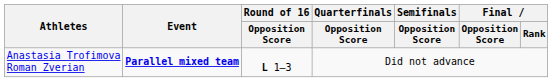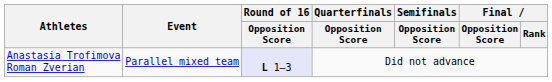 <table class="wikitable" style="font-size:90%; text-align:center;">
 <tr>
 <th rowspan=2>Athletes</th>
 <th rowspan=2>Event</th>
 <th>Round of 16</th>
 <th>Quarterfinals</th>
 <th>Semifinals</th>
 <th colspan=2>Final / </th>
 </tr>
 <tr style="font-size:95%">
 <th>Opposition<br>Score</th>
 <th>Opposition<br>Score</th>
 <th>Opposition<br>Score</th>
 <th>Opposition<br>Score</th>
 <th>Rank</th>
 </tr>
 <tr>
 <td align=left><a href='#'>Anastasia Trofimova</a><br><a href='#'>Roman Zverian</a></td>
-<td align=left><strong><a href='#'>Parallel mixed team</a></strong></td>
-<td><br><strong>L</strong> 1–3</td>
+<td align=left><a href='#'>Parallel mixed team</a></td>
+<td style="background: lavender;"><br><strong>L</strong> 1–3</td>
 <td colspan=4>Did not advance</td>
 </tr>
 </table>
